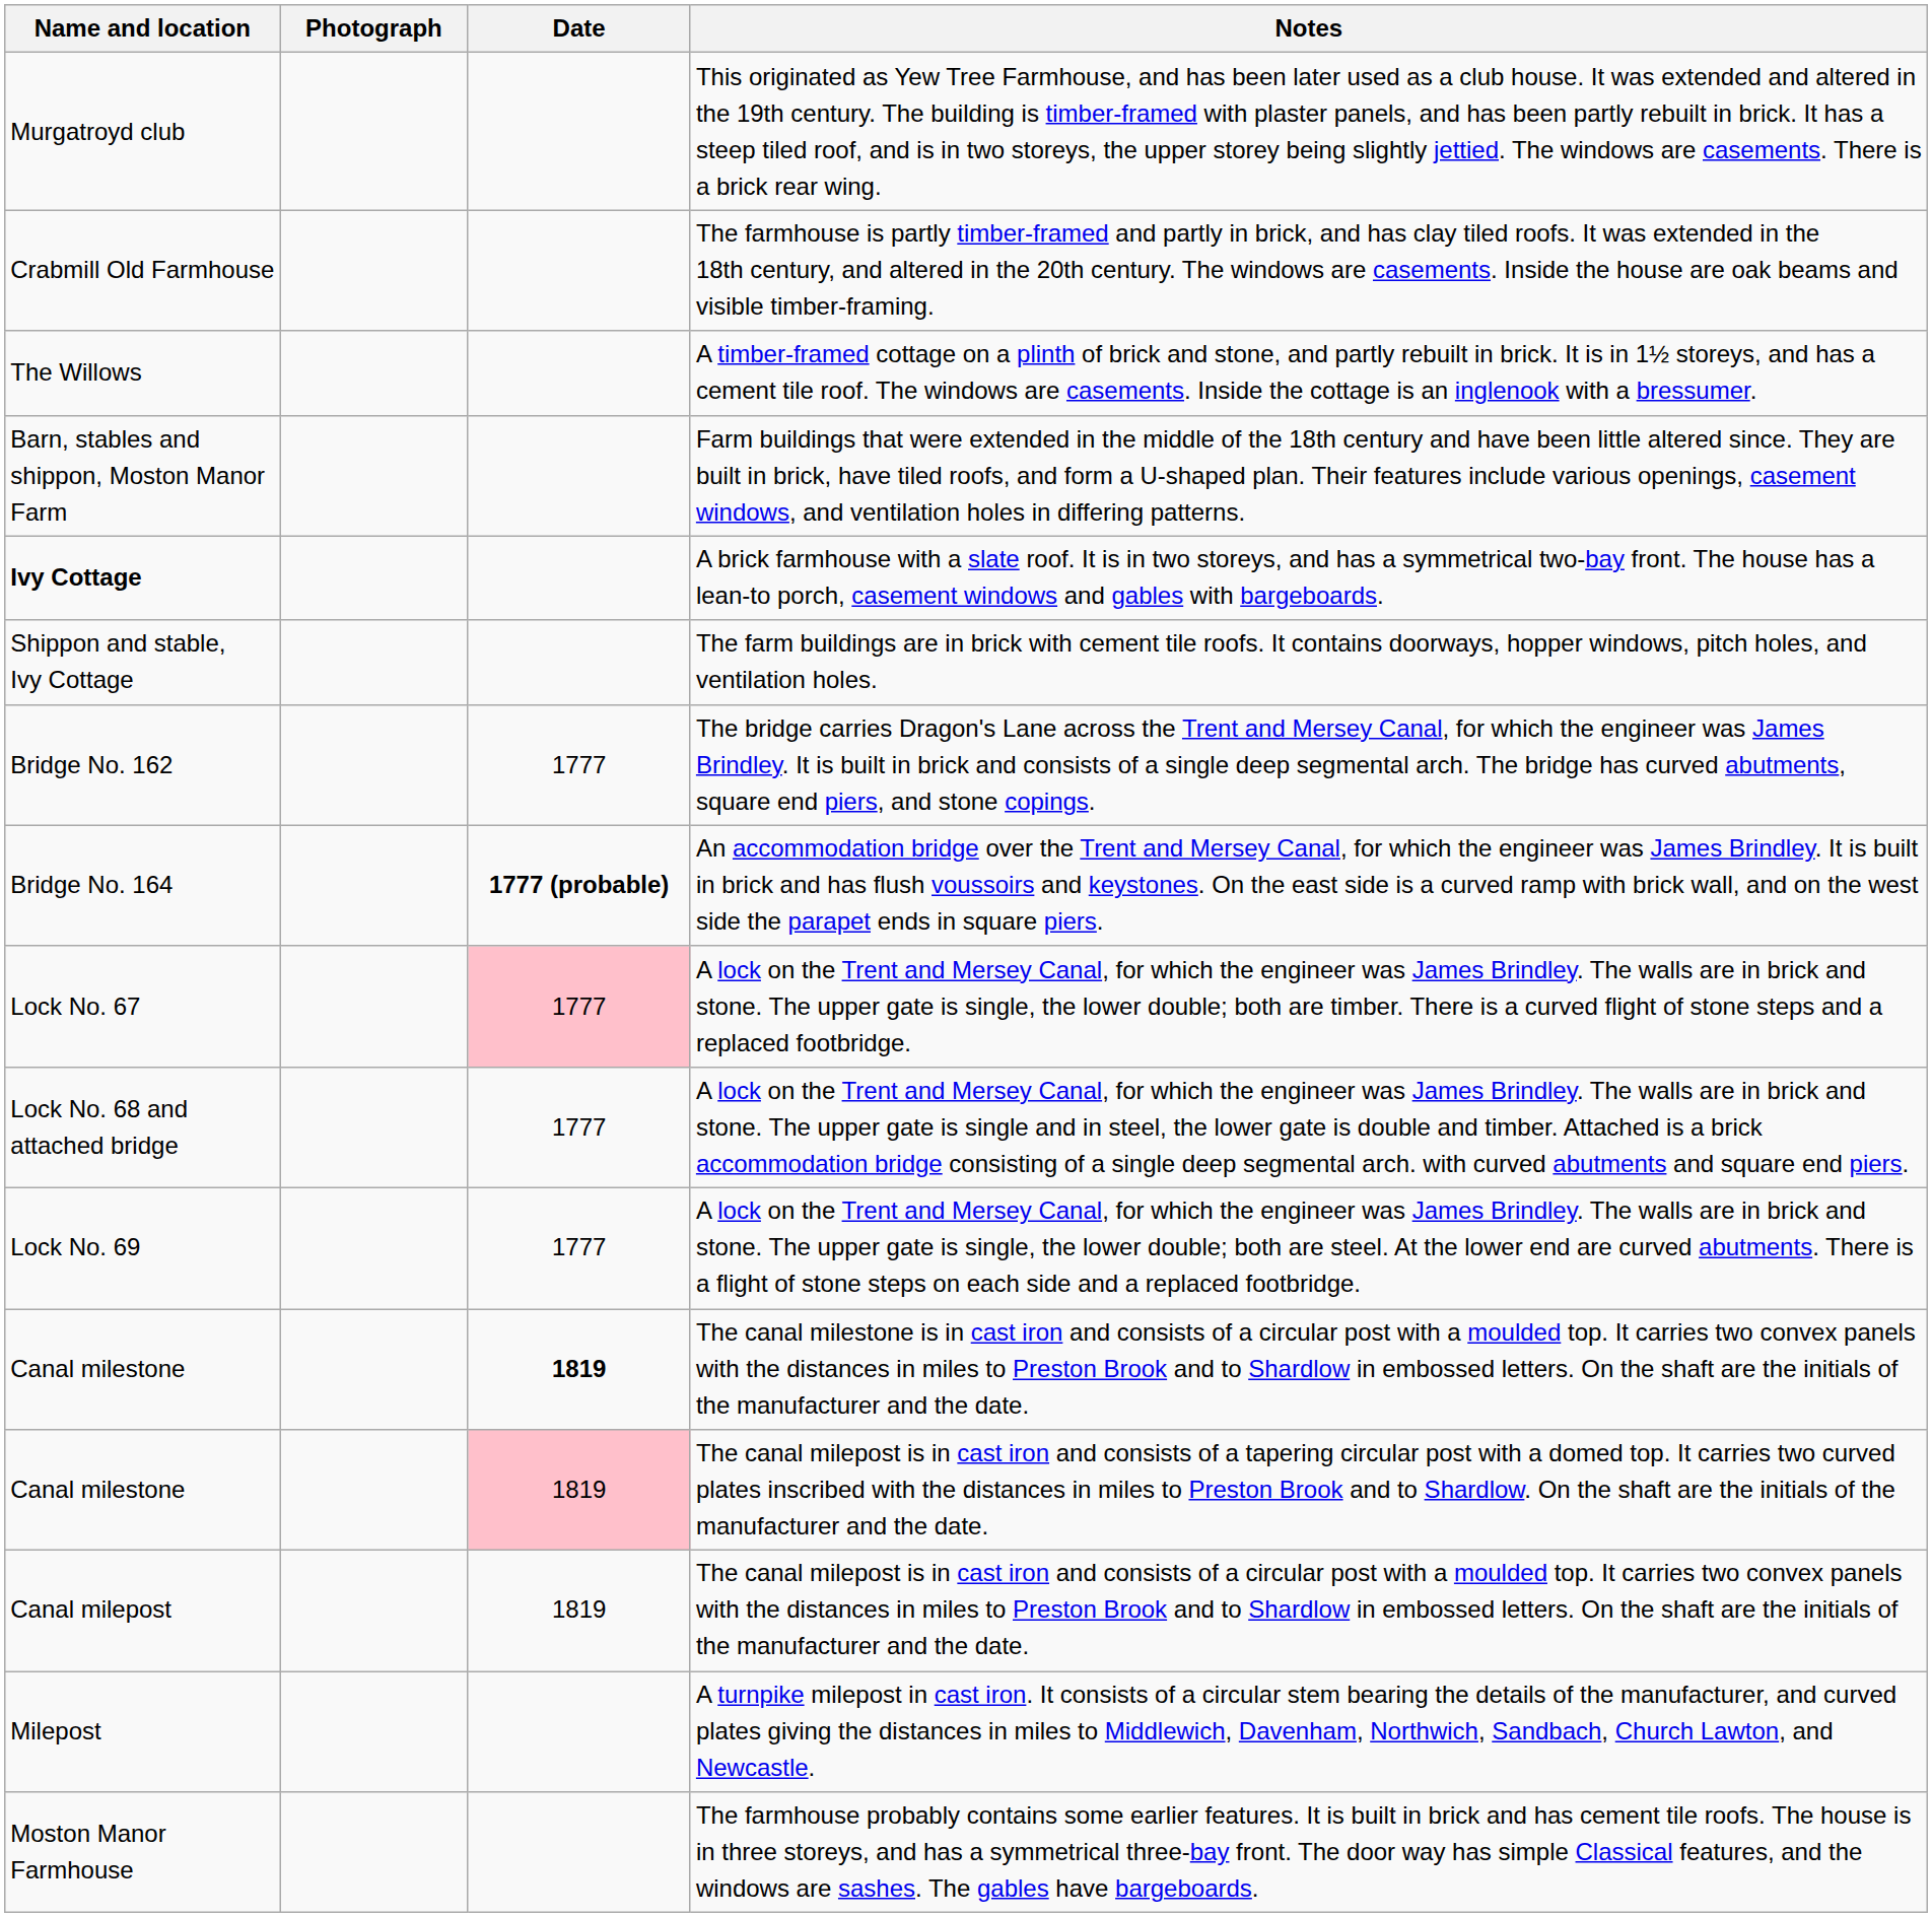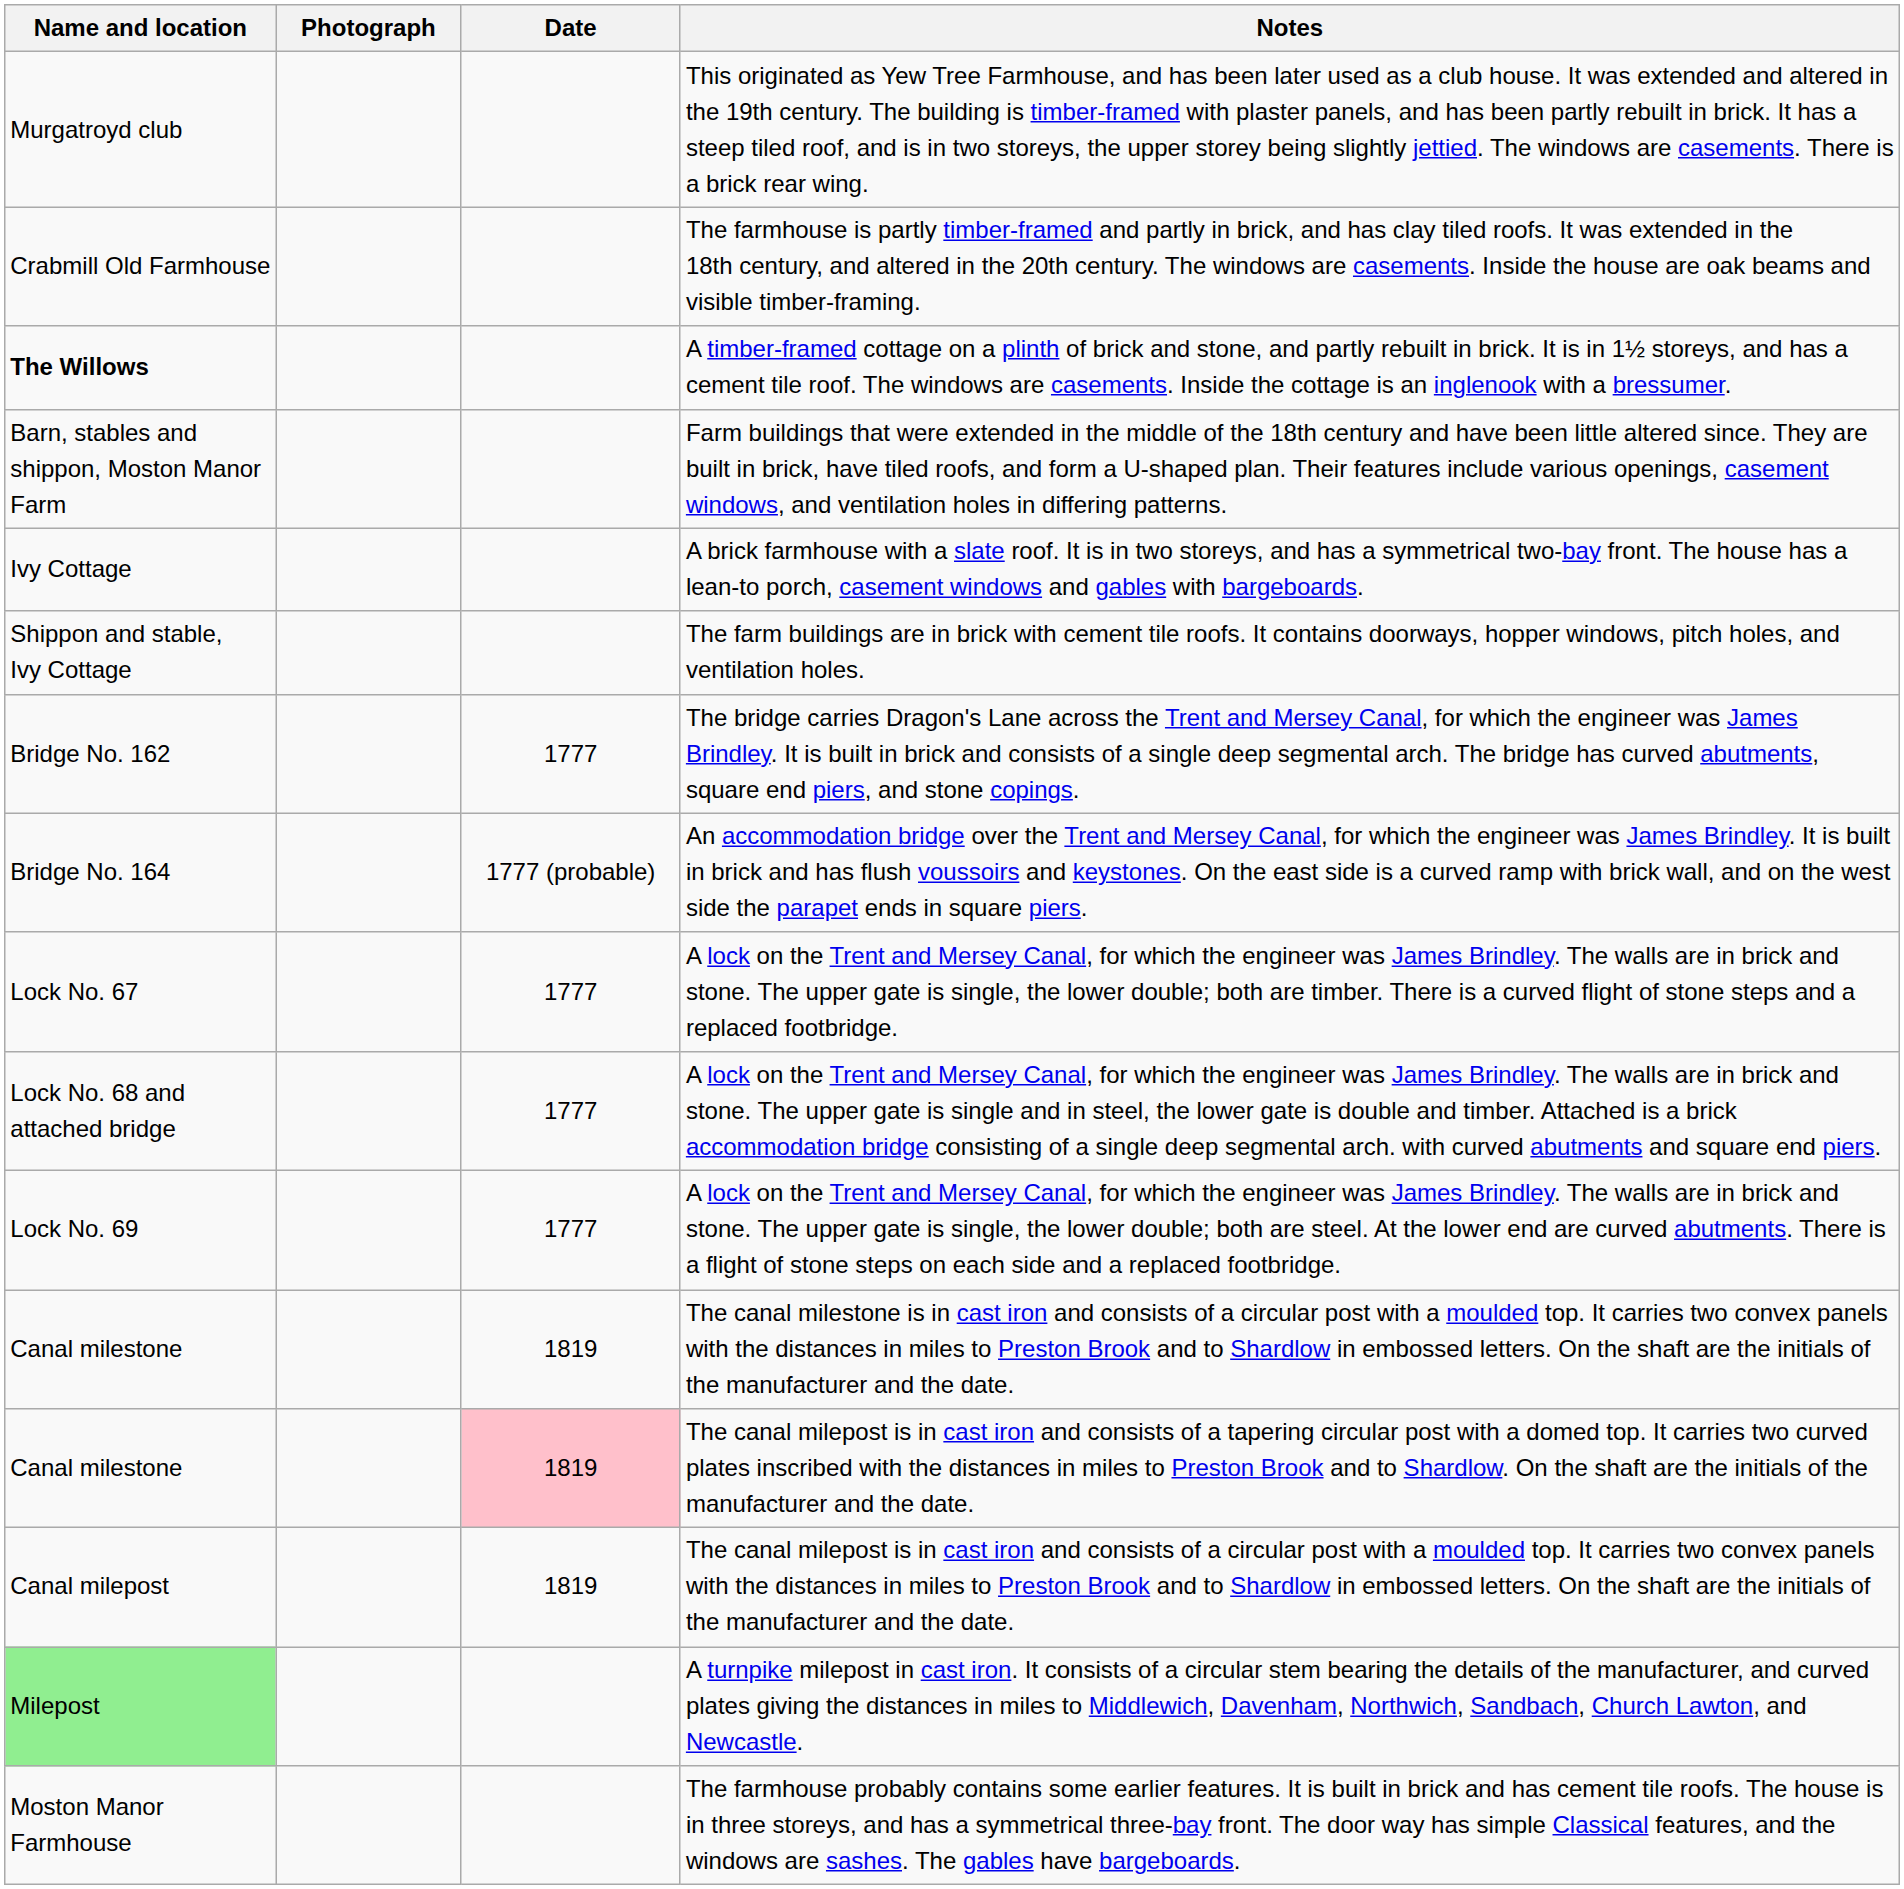 <table class="wikitable sortable plainrowheaders" style="width:100%;border:0px;text-align:left;line-height:150%;">
 <tr>
 <th scope="col" style="width:150px">Name and location</th>
 <th scope="col" style="width:100px" class="unsortable">Photograph</th>
 <th scope="col" style="width:120px">Date</th>
 <th scope="col" style="width:700px" class="unsortable">Notes</th>
 </tr>
 <tr>
 <td>Murgatroyd club<br><small></small></td>
 <td></td>
 <td align="center"></td>
 <td>This originated as Yew Tree Farmhouse, and has been later used as a club house. It was extended and altered in the 19th century. The building is <a href='#'>timber-framed</a> with plaster panels, and has been partly rebuilt in brick. It has a steep tiled roof, and is in two storeys, the upper storey being slightly <a href='#'>jettied</a>. The windows are <a href='#'>casements</a>. There is a brick rear wing.</td>
 </tr>
 <tr>
 <td>Crabmill Old Farmhouse<br><small></small></td>
 <td></td>
 <td align="center"></td>
 <td>The farmhouse is partly <a href='#'>timber-framed</a> and partly in brick, and has clay tiled roofs. It was extended in the 18th century, and altered in the 20th century. The windows are <a href='#'>casements</a>. Inside the house are oak beams and visible timber-framing.</td>
 </tr>
 <tr>
-<td>The Willows<br><small></small></td>
+<td><strong>The Willows<br><small></small></strong></td>
 <td></td>
 <td align="center"></td>
 <td>A <a href='#'>timber-framed</a> cottage on a <a href='#'>plinth</a> of brick and stone, and partly rebuilt in brick. It is in 1½ storeys, and has a cement tile roof. The windows are <a href='#'>casements</a>. Inside the cottage is an <a href='#'>inglenook</a> with a <a href='#'>bressumer</a>.</td>
 </tr>
 <tr>
 <td>Barn, stables and shippon, Moston Manor Farm<br><small></small></td>
 <td></td>
 <td align="center"></td>
 <td>Farm buildings that were extended in the middle of the 18th century and have been little altered since. They are built in brick, have tiled roofs, and form a U-shaped plan. Their features include various openings, <a href='#'>casement windows</a>, and ventilation holes in differing patterns.</td>
 </tr>
 <tr>
-<td><strong>Ivy Cottage<br><small></small></strong></td>
+<td>Ivy Cottage<br><small></small></td>
 <td></td>
 <td align="center"></td>
 <td>A brick farmhouse with a <a href='#'>slate</a> roof. It is in two storeys, and has a symmetrical two-<a href='#'>bay</a> front. The house has a lean-to porch, <a href='#'>casement windows</a> and <a href='#'>gables</a> with <a href='#'>bargeboards</a>.</td>
 </tr>
 <tr>
 <td>Shippon and stable,<br>Ivy Cottage<br><small></small></td>
 <td></td>
 <td align="center"></td>
 <td>The farm buildings are in brick with cement tile roofs. It contains doorways, hopper windows, pitch holes, and ventilation holes.</td>
 </tr>
 <tr>
 <td>Bridge No. 162<br><small></small></td>
 <td></td>
 <td align="center">1777</td>
 <td>The bridge carries Dragon's Lane across the <a href='#'>Trent and Mersey Canal</a>, for which the engineer was <a href='#'>James Brindley</a>. It is built in brick and consists of a single deep segmental arch. The bridge has curved <a href='#'>abutments</a>, square end <a href='#'>piers</a>, and stone <a href='#'>copings</a>.</td>
 </tr>
 <tr>
 <td>Bridge No. 164<br><small></small></td>
 <td></td>
-<td align="center"><strong>1777 (probable)</strong></td>
+<td align="center">1777 (probable)</td>
 <td>An <a href='#'>accommodation bridge</a> over the <a href='#'>Trent and Mersey Canal</a>, for which the engineer was <a href='#'>James Brindley</a>. It is built in brick and has flush <a href='#'>voussoirs</a> and <a href='#'>keystones</a>. On the east side is a curved ramp with brick wall, and on the west side the <a href='#'>parapet</a> ends in square <a href='#'>piers</a>.</td>
 </tr>
 <tr>
 <td>Lock No. 67<br><small></small></td>
 <td></td>
-<td align="center" style="background: pink;">1777</td>
+<td align="center">1777</td>
 <td>A <a href='#'>lock</a> on the <a href='#'>Trent and Mersey Canal</a>, for which the engineer was <a href='#'>James Brindley</a>. The walls are in brick and stone. The upper gate is single, the lower double; both are timber. There is a curved flight of stone steps and a replaced footbridge.</td>
 </tr>
 <tr>
 <td>Lock No. 68 and attached bridge<br><small></small></td>
 <td></td>
 <td align="center">1777</td>
 <td>A <a href='#'>lock</a> on the <a href='#'>Trent and Mersey Canal</a>, for which the engineer was <a href='#'>James Brindley</a>. The walls are in brick and stone. The upper gate is single and in steel, the lower gate is double and timber. Attached is a brick <a href='#'>accommodation bridge</a> consisting of a single deep segmental arch. with curved <a href='#'>abutments</a> and square end <a href='#'>piers</a>.</td>
 </tr>
 <tr>
 <td>Lock No. 69<br><small></small></td>
 <td></td>
 <td align="center">1777</td>
 <td>A <a href='#'>lock</a> on the <a href='#'>Trent and Mersey Canal</a>, for which the engineer was <a href='#'>James Brindley</a>. The walls are in brick and stone. The upper gate is single, the lower double; both are steel. At the lower end are curved <a href='#'>abutments</a>. There is a flight of stone steps on each side and a replaced footbridge.</td>
 </tr>
 <tr>
 <td>Canal milestone<br><small></small></td>
 <td></td>
-<td align="center"><strong>1819</strong></td>
+<td align="center">1819</td>
 <td>The canal milestone is in <a href='#'>cast iron</a> and consists of a circular post with a <a href='#'>moulded</a> top. It carries two convex panels with the distances in miles to <a href='#'>Preston Brook</a> and to <a href='#'>Shardlow</a> in embossed letters. On the shaft are the initials of the manufacturer and the date.</td>
 </tr>
 <tr>
 <td>Canal milestone<br><small></small></td>
 <td></td>
 <td align="center" style="background: pink;">1819</td>
 <td>The canal milepost is in <a href='#'>cast iron</a> and consists of a tapering circular post with a domed top. It carries two curved plates inscribed with the distances in miles to <a href='#'>Preston Brook</a> and to <a href='#'>Shardlow</a>. On the shaft are the initials of the manufacturer and the date.</td>
 </tr>
 <tr>
 <td>Canal milepost<br><small></small></td>
 <td></td>
 <td align="center">1819</td>
 <td>The canal milepost is in <a href='#'>cast iron</a> and consists of a circular post with a <a href='#'>moulded</a> top. It carries two convex panels with the distances in miles to <a href='#'>Preston Brook</a> and to <a href='#'>Shardlow</a> in embossed letters. On the shaft are the initials of the manufacturer and the date.</td>
 </tr>
 <tr>
-<td>Milepost<br><small></small></td>
+<td style="background: lightgreen;">Milepost<br><small></small></td>
 <td></td>
 <td align="center"></td>
 <td>A <a href='#'>turnpike</a> milepost in <a href='#'>cast iron</a>. It consists of a circular stem bearing the details of the manufacturer, and curved plates giving the distances in miles to <a href='#'>Middlewich</a>, <a href='#'>Davenham</a>, <a href='#'>Northwich</a>, <a href='#'>Sandbach</a>, <a href='#'>Church Lawton</a>, and <a href='#'>Newcastle</a>.</td>
 </tr>
 <tr>
 <td>Moston Manor Farmhouse<br><small></small></td>
 <td></td>
 <td align="center"></td>
 <td>The farmhouse probably contains some earlier features. It is built in brick and has cement tile roofs. The house is in three storeys, and has a symmetrical three-<a href='#'>bay</a> front. The door way has simple <a href='#'>Classical</a> features, and the windows are <a href='#'>sashes</a>. The <a href='#'>gables</a> have <a href='#'>bargeboards</a>.</td>
 </tr>
 <tr>
 </tr>
 </table>
